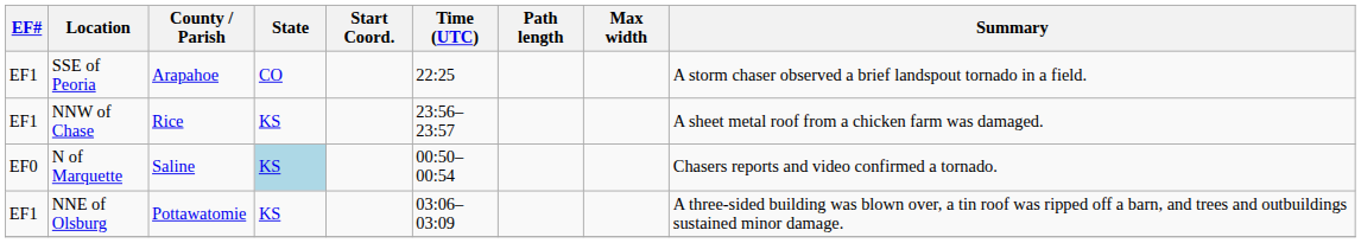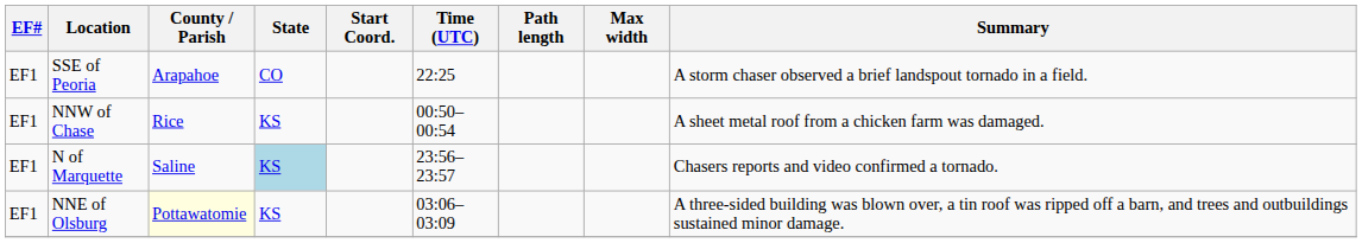 <table class="wikitable sortable" style="width:100%;">
 <tr>
 <th scope="col"  style="width:3%; text-align:center;"><a href='#'>EF#</a></th>
 <th scope="col"  style="width:7%; text-align:center;" class="unsortable">Location</th>
 <th scope="col"  style="width:6%; text-align:center;" class="unsortable">County / Parish</th>
 <th scope="col"  style="width:5%; text-align:center;">State</th>
 <th scope="col"  style="width:6%; text-align:center;">Start Coord.</th>
 <th scope="col"  style="width:6%; text-align:center;">Time (<a href='#'>UTC</a>)</th>
 <th scope="col"  style="width:6%; text-align:center;">Path length</th>
 <th scope="col"  style="width:6%; text-align:center;">Max width</th>
 <th scope="col" class="unsortable" style="width:48%; text-align:center;">Summary</th>
 </tr>
 <tr>
 <td>EF1</td>
 <td>SSE of <a href='#'>Peoria</a></td>
 <td><a href='#'>Arapahoe</a></td>
 <td><a href='#'>CO</a></td>
 <td></td>
 <td>22:25</td>
 <td></td>
 <td></td>
 <td>A storm chaser observed a brief landspout tornado in a field.</td>
 </tr>
 <tr>
 <td>EF1</td>
 <td>NNW of <a href='#'>Chase</a></td>
 <td><a href='#'>Rice</a></td>
 <td><a href='#'>KS</a></td>
 <td></td>
-<td>23:56–23:57</td>
+<td>00:50–00:54</td>
 <td></td>
 <td></td>
 <td>A sheet metal roof from a chicken farm was damaged.</td>
 </tr>
 <tr>
-<td>EF0</td>
+<td>EF1</td>
 <td>N of <a href='#'>Marquette</a></td>
 <td><a href='#'>Saline</a></td>
 <td style="background: lightblue;"><a href='#'>KS</a></td>
 <td></td>
-<td>00:50–00:54</td>
+<td>23:56–23:57</td>
 <td></td>
 <td></td>
 <td>Chasers reports and video confirmed a tornado.</td>
 </tr>
 <tr>
 <td>EF1</td>
 <td>NNE of <a href='#'>Olsburg</a></td>
-<td><a href='#'>Pottawatomie</a></td>
+<td style="background: lightyellow;"><a href='#'>Pottawatomie</a></td>
 <td><a href='#'>KS</a></td>
 <td></td>
 <td>03:06–03:09</td>
 <td></td>
 <td></td>
 <td>A three-sided building was blown over, a tin roof was ripped off a barn, and trees and outbuildings sustained minor damage.</td>
 </tr>
 <tr>
 </tr>
 </table>
